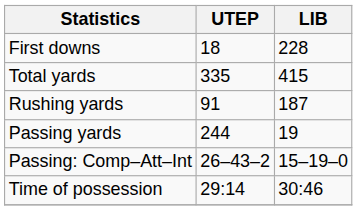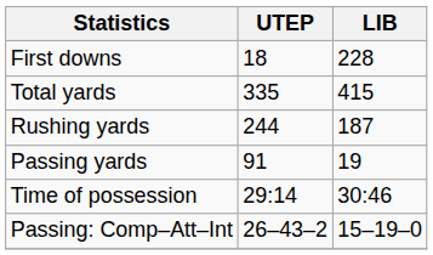 <table class="wikitable" style="float: left;">
 <tr>
 <th>Statistics</th>
 <th>UTEP</th>
 <th>LIB</th>
 </tr>
 <tr>
 <td>First downs</td>
 <td>18</td>
 <td>228</td>
 </tr>
 <tr>
 <td>Total yards</td>
 <td>335</td>
 <td>415</td>
 </tr>
 <tr>
 <td>Rushing yards</td>
-<td>91</td>
+<td>244</td>
 <td>187</td>
 </tr>
 <tr>
 <td>Passing yards</td>
-<td>244</td>
+<td>91</td>
 <td>19</td>
+</tr>
+<tr>
+<td>Time of possession</td>
+<td>29:14</td>
+<td>30:46</td>
 </tr>
 <tr>
 <td>Passing: Comp–Att–Int</td>
 <td>26–43–2</td>
 <td>15–19–0</td>
 </tr>
 <tr>
-<td>Time of possession</td>
-<td>29:14</td>
-<td>30:46</td>
-</tr>
-<tr>
 </tr>
 </table>
